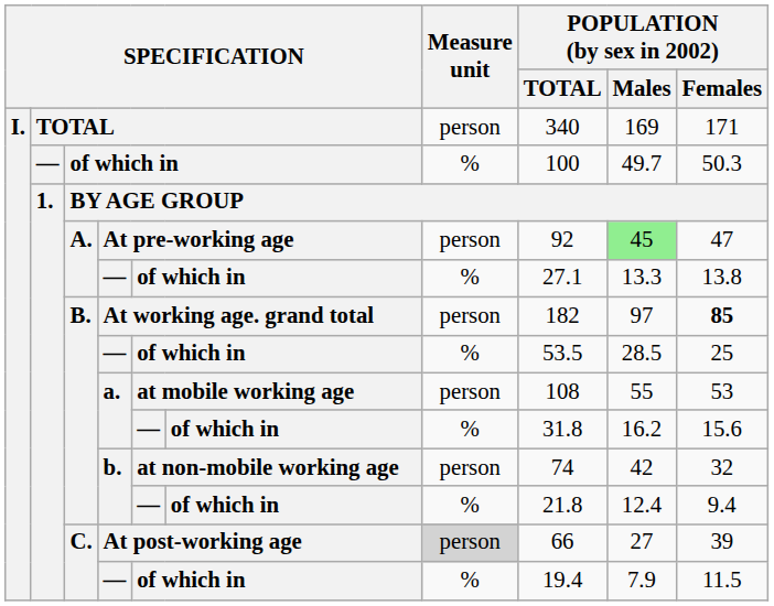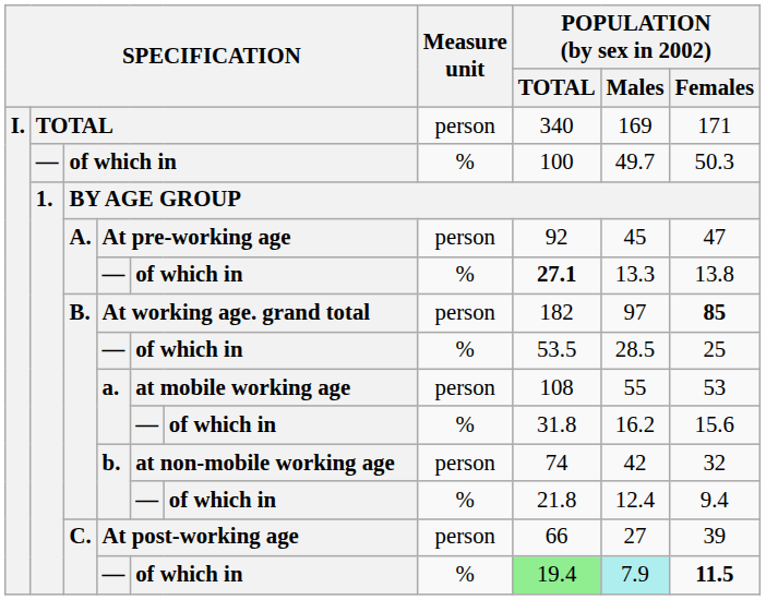 <table class="wikitable" style="font-size:85%; text-align:center">
 <tr>
 <th rowspan="2" colspan="6">SPECIFICATION</th>
 <th rowspan="2">Measure<br> unit</th>
 <th colspan="3" rowspan="1">POPULATION<br> (by sex in 2002)</th>
 </tr>
 <tr>
 <th>TOTAL</th>
 <th>Males</th>
 <th>Females</th>
 </tr>
 <tr>
 <th style="text-align:left" valign="top" rowspan="13">I.</th>
 <th style="text-align:left" colspan="5">TOTAL</th>
 <td>person</td>
 <td>340</td>
 <td>169</td>
 <td>171</td>
 </tr>
 <tr>
 <th style="text-align:left" valign="top">—</th>
 <th style="text-align:left" colspan="4">of which in</th>
 <td>%</td>
 <td>100</td>
 <td>49.7</td>
 <td>50.3</td>
 </tr>
 <tr>
 <th style="text-align:left" valign="top" rowspan="11">1.</th>
 <th style="text-align:left" colspan="19">BY AGE GROUP</th>
 </tr>
 <tr>
 <th style="text-align:left" valign="top" rowspan="2">A.</th>
 <th style="text-align:left" colspan="3">At pre-working age</th>
 <td>person</td>
 <td>92</td>
-<td style="background: lightgreen;">45</td>
+<td>45</td>
 <td>47</td>
 </tr>
 <tr>
 <th style="text-align:left" valign="top">—</th>
 <th style="text-align:left" valign="top" colspan="2">of which in</th>
 <td>%</td>
-<td>27.1</td>
+<td><strong>27.1</strong></td>
 <td>13.3</td>
 <td>13.8</td>
 </tr>
 <tr>
 <th style="text-align:left" valign="top" rowspan="6">B.</th>
 <th style="text-align:left" colspan="3">At working age. grand total</th>
 <td>person</td>
 <td>182</td>
 <td>97</td>
 <td><strong>85</strong></td>
 </tr>
 <tr>
 <th style="text-align:left" valign="top">—</th>
 <th style="text-align:left" valign="top" colspan="2">of which in</th>
 <td>%</td>
 <td>53.5</td>
 <td>28.5</td>
 <td>25</td>
 </tr>
 <tr>
 <th style="text-align:left" valign="top" rowspan="2">a.</th>
 <th style="text-align:left" colspan="2">at mobile working age</th>
 <td>person</td>
 <td>108</td>
 <td>55</td>
 <td>53</td>
 </tr>
 <tr>
 <th style="text-align:left" valign="top">—</th>
 <th style="text-align:left" valign="top" colspan="1">of which in                        </th>
 <td>%</td>
 <td>31.8</td>
 <td>16.2</td>
 <td>15.6</td>
 </tr>
 <tr>
 <th style="text-align:left" valign="top" rowspan="2">b.</th>
 <th style="text-align:left" colspan="2">at non-mobile working age</th>
 <td>person</td>
 <td>74</td>
 <td>42</td>
 <td>32</td>
 </tr>
 <tr>
 <th style="text-align:left" valign="top">—</th>
 <th style="text-align:left" valign="top" colspan="1">of which in                        </th>
 <td>%</td>
 <td>21.8</td>
 <td>12.4</td>
 <td>9.4</td>
 </tr>
 <tr>
 <th style="text-align:left" valign="top" rowspan="2">C.</th>
 <th style="text-align:left" colspan="3">At post-working age</th>
-<td style="background: lightgrey;">person</td>
+<td>person</td>
 <td>66</td>
 <td>27</td>
 <td>39</td>
 </tr>
 <tr>
 <th style="text-align:left" valign="top">—</th>
 <th style="text-align:left" valign="top" colspan="2">of which in</th>
 <td>%</td>
-<td>19.4</td>
-<td>7.9</td>
-<td>11.5</td>
+<td style="background: lightgreen;">19.4</td>
+<td style="background: paleturquoise;">7.9</td>
+<td><strong>11.5</strong></td>
 </tr>
 </table>
